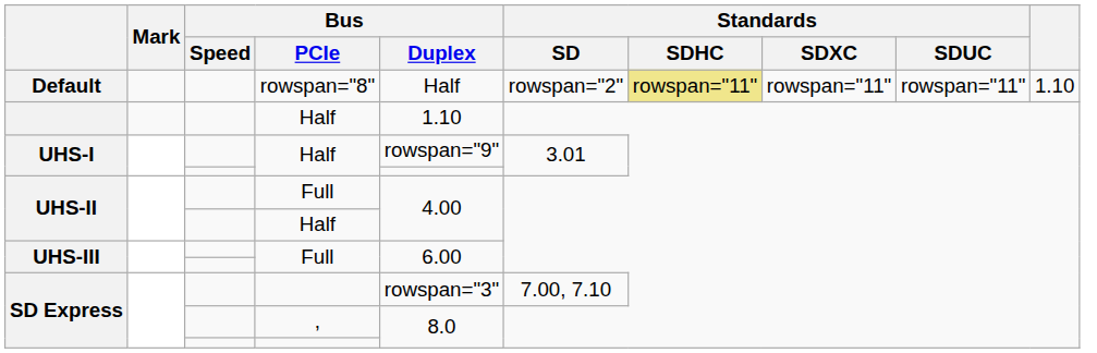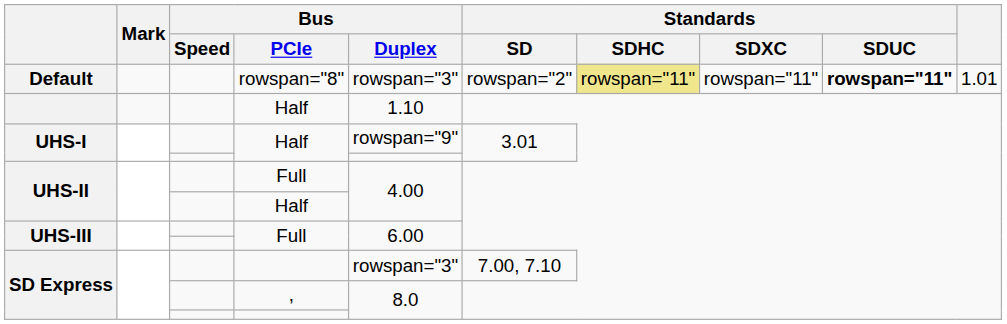 <table class="wikitable" style="text-align: center;">
 <tr>
 <th rowspan="2" scope="colgroup"></th>
 <th rowspan="2">Mark</th>
 <th colspan="3">Bus</th>
 <th colspan="4" scope="colgroup">Standards</th>
 <th rowspan="2" scope="col"></th>
 </tr>
 <tr>
 <th scope="col">Speed</th>
 <th scope="col"><a href='#'>PCIe</a></th>
 <th scope="col"><a href='#'>Duplex</a></th>
 <th scope="col">SD</th>
 <th scope="col">SDHC</th>
 <th scope="col">SDXC</th>
 <th scope="col">SDUC</th>
 </tr>
 <tr>
 <th scope="row">Default</th>
 <td></td>
 <td></td>
 <td>rowspan="8" </td>
-<td>Half</td>
+<td>rowspan="3" </td>
 <td>rowspan="2" </td>
 <td style="background: khaki;">rowspan="11" </td>
 <td>rowspan="11" </td>
-<td>rowspan="11" </td>
-<td>1.10</td>
+<td><strong>rowspan="11" </strong></td>
+<td>1.01</td>
 </tr>
 <tr>
 <th scope="row"></th>
 <td></td>
 <td></td>
 <td>Half</td>
 <td>1.10</td>
 </tr>
 <tr>
 <th scope="row" rowspan="2">UHS-I</th>
 <td rowspan="2" style="background:white"></td>
 <td></td>
 <td rowspan="2">Half</td>
 <td>rowspan="9" </td>
 <td rowspan="2">3.01</td>
 </tr>
 <tr>
 <td></td>
 </tr>
 <tr>
 <th scope="row" rowspan="2">UHS-II</th>
 <td rowspan="2" style="background:white"></td>
 <td></td>
 <td>Full</td>
 <td rowspan="2">4.00</td>
 </tr>
 <tr>
 <td></td>
 <td>Half</td>
 </tr>
 <tr>
 <th scope="row" rowspan="2">UHS-III</th>
 <td rowspan="2" style="background:white"></td>
 <td></td>
 <td rowspan="2">Full</td>
 <td rowspan="2">6.00</td>
 </tr>
 <tr>
 <td></td>
 </tr>
 <tr>
 <th scope="row" rowspan="3">SD Express</th>
 <td rowspan="3" style="background:white"></td>
 <td></td>
 <td></td>
 <td>rowspan="3" </td>
 <td>7.00, 7.10</td>
 </tr>
 <tr>
 <td></td>
 <td>, </td>
 <td rowspan="2">8.0</td>
 </tr>
 <tr>
 <td></td>
 <td></td>
 </tr>
 </table>
